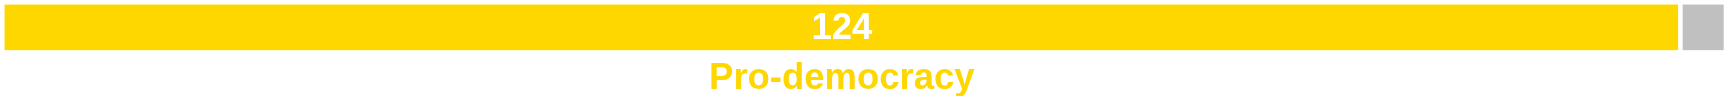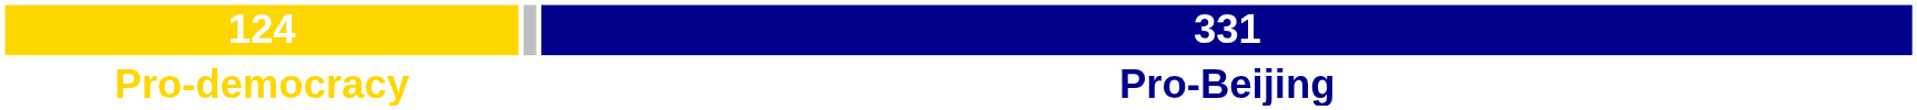 <table style="width:60%; text-align:center;">
 <tr style="color:white;">
 <td style="background:gold; width:27.07%;"><strong>124</strong></td>
 <td style="background:silver; width:0.66%;"></td>
+<td style="background:darkblue; width:72.27%;"><strong>331</strong></td>
 </tr>
 <tr>
 <td style="color:gold;"><strong>Pro-democracy</strong></td>
 <td></td>
+<td style="color:darkblue;"><strong>Pro-Beijing</strong></td>
 </tr>
 </table>
